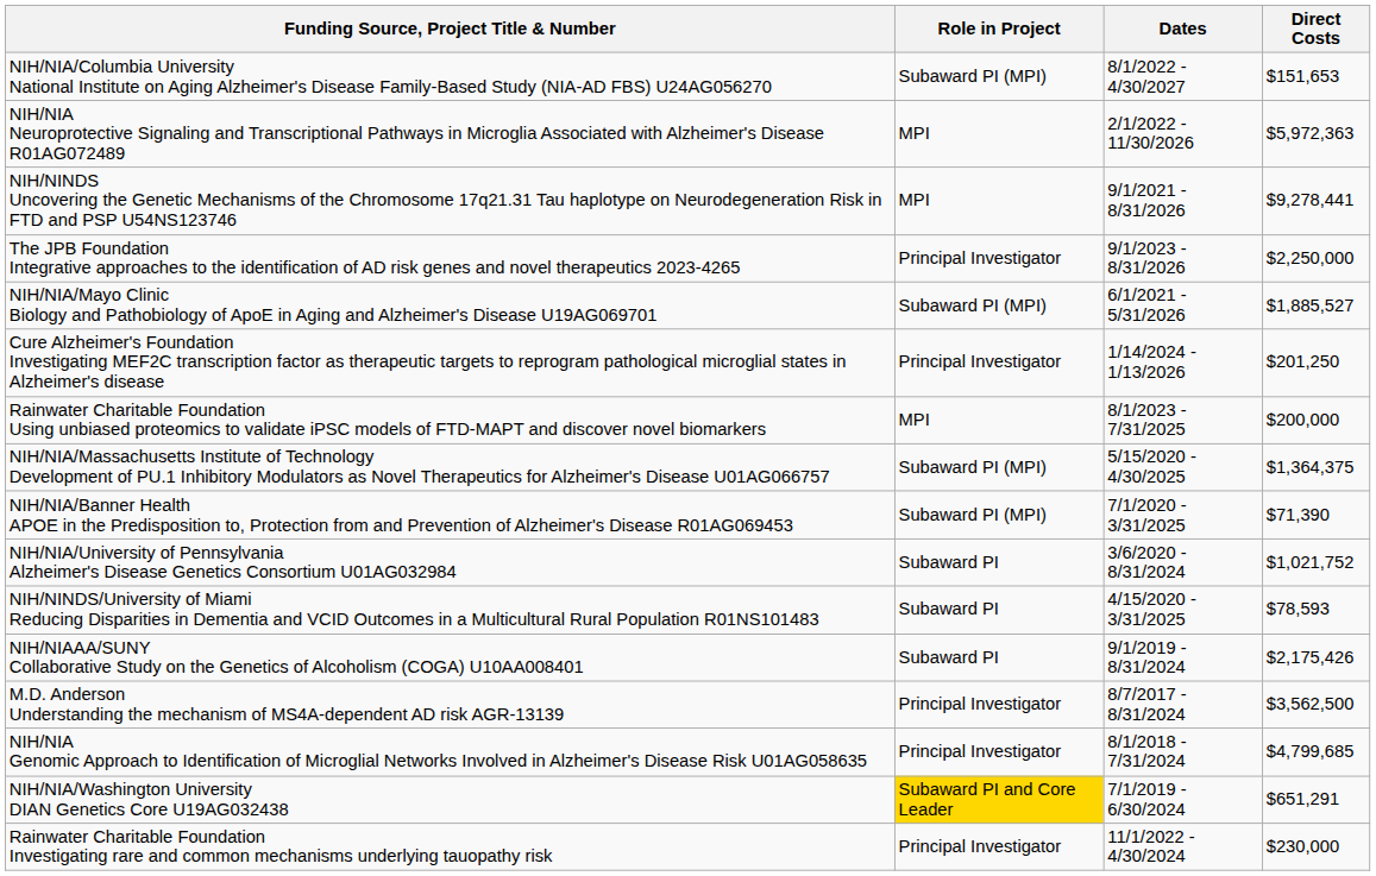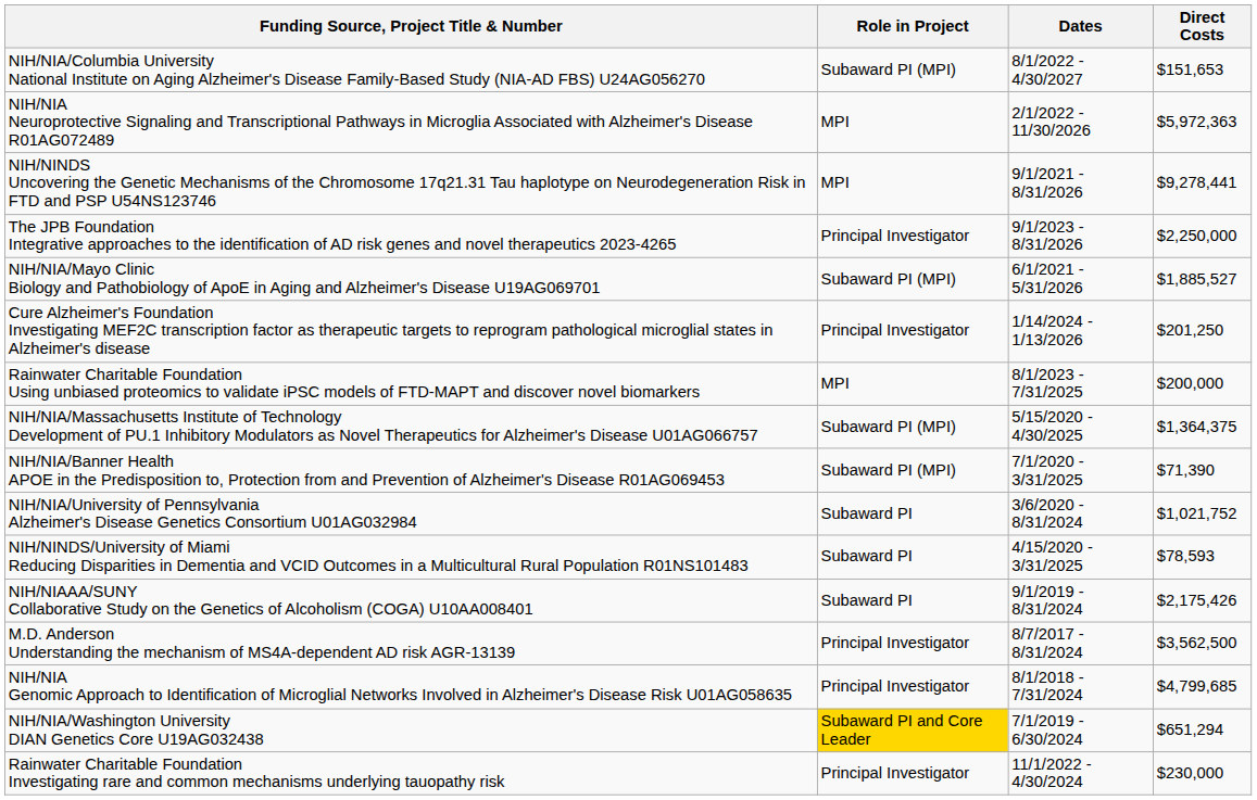 <table class="wikitable">
 <tr>
 <th>Funding Source, Project Title & Number</th>
 <th>Role in Project</th>
 <th>Dates</th>
 <th>Direct Costs</th>
 </tr>
 <tr>
 <td>NIH/NIA/Columbia University<br>National Institute on Aging Alzheimer's Disease Family-Based Study (NIA-AD FBS) U24AG056270</td>
 <td>Subaward PI (MPI)</td>
 <td>8/1/2022 - 4/30/2027</td>
 <td>$151,653</td>
 </tr>
 <tr>
 <td>NIH/NIA<br>Neuroprotective Signaling and Transcriptional Pathways in Microglia Associated with Alzheimer's Disease R01AG072489</td>
 <td>MPI</td>
 <td>2/1/2022 - 11/30/2026</td>
 <td>$5,972,363</td>
 </tr>
 <tr>
 <td>NIH/NINDS<br>Uncovering the Genetic Mechanisms of the Chromosome 17q21.31 Tau haplotype on Neurodegeneration Risk in FTD and PSP U54NS123746</td>
 <td>MPI</td>
 <td>9/1/2021 - 8/31/2026</td>
 <td>$9,278,441</td>
 </tr>
 <tr>
 <td>The JPB Foundation<br>Integrative approaches to the identification of AD risk genes and novel therapeutics 2023-4265</td>
 <td>Principal Investigator</td>
 <td>9/1/2023 - 8/31/2026</td>
 <td>$2,250,000</td>
 </tr>
 <tr>
 <td>NIH/NIA/Mayo Clinic<br>Biology and Pathobiology of ApoE in Aging and Alzheimer's Disease U19AG069701</td>
 <td>Subaward PI (MPI)</td>
 <td>6/1/2021 - 5/31/2026</td>
 <td>$1,885,527</td>
 </tr>
 <tr>
 <td>Cure Alzheimer's Foundation<br>Investigating MEF2C transcription factor as therapeutic targets to reprogram pathological microglial states in Alzheimer's disease</td>
 <td>Principal Investigator</td>
 <td>1/14/2024 - 1/13/2026</td>
 <td>$201,250</td>
 </tr>
 <tr>
 <td>Rainwater Charitable Foundation<br>Using unbiased proteomics to validate iPSC models of FTD-MAPT and discover novel biomarkers</td>
 <td>MPI</td>
 <td>8/1/2023 - 7/31/2025</td>
 <td>$200,000</td>
 </tr>
 <tr>
 <td>NIH/NIA/Massachusetts Institute of Technology<br>Development of PU.1 Inhibitory Modulators as Novel Therapeutics for Alzheimer's Disease U01AG066757</td>
 <td>Subaward PI (MPI)</td>
 <td>5/15/2020 - 4/30/2025</td>
 <td>$1,364,375</td>
 </tr>
 <tr>
 <td>NIH/NIA/Banner Health<br>APOE in the Predisposition to, Protection from and Prevention of Alzheimer's Disease R01AG069453</td>
 <td>Subaward PI (MPI)</td>
 <td>7/1/2020 - 3/31/2025</td>
 <td>$71,390</td>
 </tr>
 <tr>
 <td>NIH/NIA/University of Pennsylvania<br>Alzheimer's Disease Genetics Consortium U01AG032984</td>
 <td>Subaward PI</td>
 <td>3/6/2020 - 8/31/2024</td>
 <td>$1,021,752</td>
 </tr>
 <tr>
 <td>NIH/NINDS/University of Miami<br>Reducing Disparities in Dementia and VCID Outcomes in a Multicultural Rural Population R01NS101483</td>
 <td>Subaward PI</td>
 <td>4/15/2020 - 3/31/2025</td>
 <td>$78,593</td>
 </tr>
 <tr>
 <td>NIH/NIAAA/SUNY<br>Collaborative Study on the Genetics of Alcoholism (COGA) U10AA008401</td>
 <td>Subaward PI</td>
 <td>9/1/2019 - 8/31/2024</td>
 <td>$2,175,426</td>
 </tr>
 <tr>
 <td>M.D. Anderson<br>Understanding the mechanism of MS4A-dependent AD risk AGR-13139</td>
 <td>Principal Investigator</td>
 <td>8/7/2017 - 8/31/2024</td>
 <td>$3,562,500</td>
 </tr>
 <tr>
 <td>NIH/NIA<br>Genomic Approach to Identification of Microglial Networks Involved in Alzheimer's Disease Risk U01AG058635</td>
 <td>Principal Investigator</td>
 <td>8/1/2018 - 7/31/2024</td>
 <td>$4,799,685</td>
 </tr>
 <tr>
 <td>NIH/NIA/Washington University<br>DIAN Genetics Core U19AG032438</td>
 <td style="background: gold;">Subaward PI and Core Leader</td>
 <td>7/1/2019 - 6/30/2024</td>
-<td>$651,291</td>
+<td>$651,294</td>
 </tr>
 <tr>
 <td>Rainwater Charitable Foundation<br>Investigating rare and common mechanisms underlying tauopathy risk</td>
 <td>Principal Investigator</td>
 <td>11/1/2022 - 4/30/2024</td>
 <td>$230,000</td>
 </tr>
 </table>
